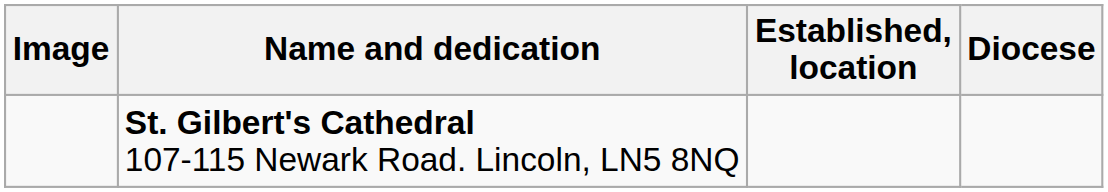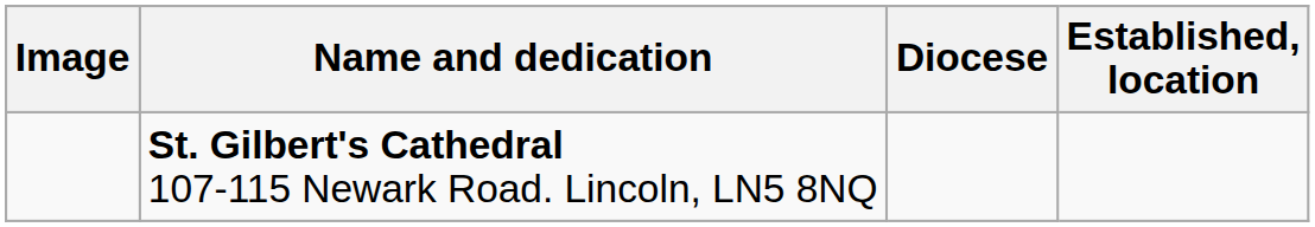 <table class="wikitable">
 <tr>
 <th>Image</th>
 <th>Name and dedication</th>
+<th>Diocese</th>
 <th>Established,<br>location</th>
-<th>Diocese</th>
 </tr>
 <tr>
 <td></td>
 <td><strong>St. Gilbert's Cathedral</strong><br>107-115 Newark Road. Lincoln, LN5 8NQ</td>
 <td></td>
 <td></td>
 </tr>
 </table>
